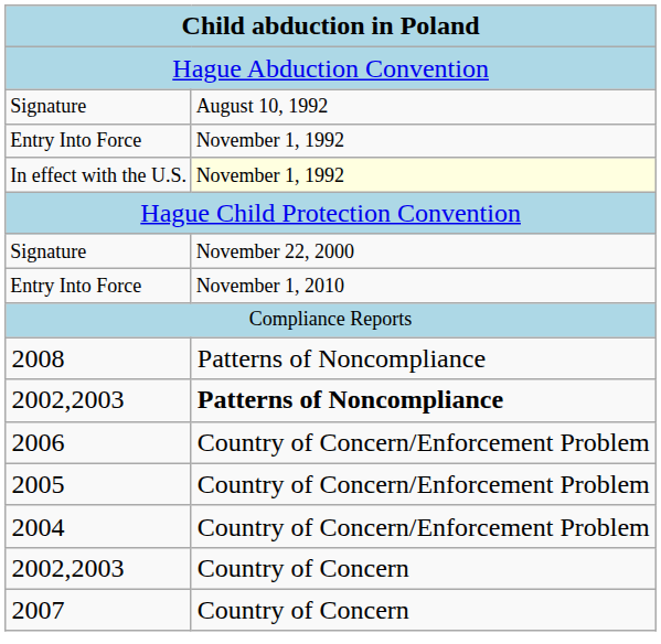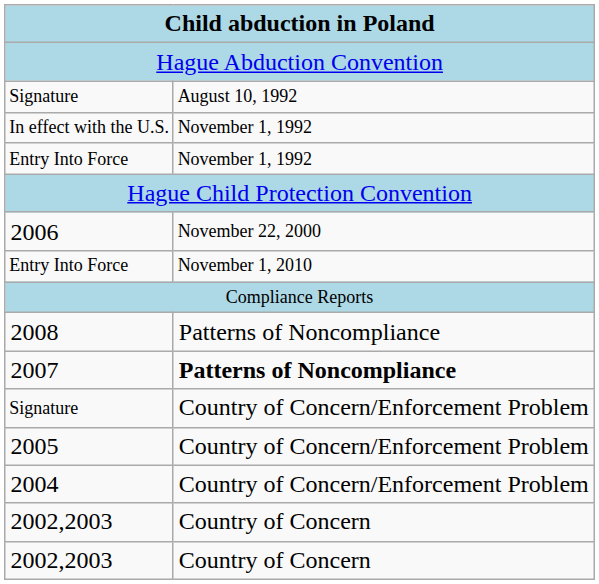 <table class="wikitable" style="float: right;">
 <tr>
 <th colspan="2" style="background:lightblue;width:200px;"><strong>Child abduction in Poland</strong></th>
 </tr>
 <tr>
 <td colspan="2" style="background:lightblue;text-align:center;"><a href='#'>Hague Abduction Convention</a></td>
 </tr>
 <tr>
 <td style="font-size:9pt">Signature</td>
 <td style="font-size:9pt">August 10, 1992</td>
 </tr>
 <tr>
-<td style="font-size:9pt">Entry Into Force</td>
+<td style="font-size:9pt">In effect with the U.S.</td>
 <td style="font-size:9pt">November 1, 1992</td>
 </tr>
 <tr>
-<td style="font-size:9pt">In effect with the U.S.</td>
-<td style="background: lightyellow; font-size:9pt">November 1, 1992</td>
+<td style="font-size:9pt">Entry Into Force</td>
+<td style="font-size:9pt">November 1, 1992</td>
 </tr>
 <tr>
 <td colspan="2" style="background:lightblue;text-align:center;"><a href='#'>Hague Child Protection Convention</a></td>
 </tr>
 <tr>
-<td style="font-size:9pt">Signature</td>
+<td>2006</td>
 <td style="font-size:9pt">November 22, 2000</td>
 </tr>
 <tr>
 <td style="font-size:9pt">Entry Into Force</td>
 <td style="font-size:9pt">November 1, 2010</td>
 </tr>
 <tr>
 <td colspan="2" style="background:lightblue;text-align:center;font-size:9pt">Compliance Reports</td>
 </tr>
 <tr>
 <td>2008</td>
 <td>Patterns of Noncompliance</td>
 </tr>
 <tr>
-<td>2002,2003</td>
+<td>2007</td>
 <td><strong>Patterns of Noncompliance</strong></td>
 </tr>
 <tr>
-<td>2006</td>
+<td style="font-size:9pt">Signature</td>
 <td>Country of Concern/Enforcement Problem</td>
 </tr>
 <tr>
 <td>2005</td>
 <td>Country of Concern/Enforcement Problem</td>
 </tr>
 <tr>
 <td>2004</td>
 <td>Country of Concern/Enforcement Problem</td>
 </tr>
 <tr>
 <td>2002,2003</td>
 <td>Country of Concern</td>
 </tr>
 <tr>
-<td>2007</td>
+<td>2002,2003</td>
 <td>Country of Concern</td>
 </tr>
 </table>
